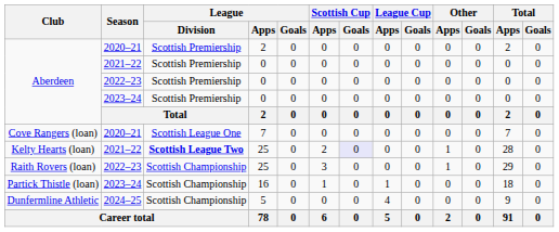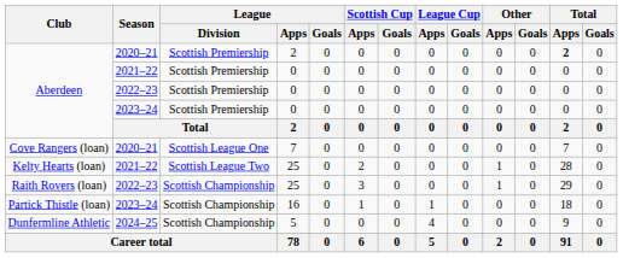 <table class="wikitable" style="text-align:center">
 <tr>
 <th rowspan="2">Club</th>
 <th rowspan="2">Season</th>
 <th colspan="3">League</th>
 <th colspan="2"><a href='#'>Scottish Cup</a></th>
 <th colspan="2"><a href='#'>League Cup</a></th>
 <th colspan="2">Other</th>
 <th colspan="2">Total</th>
 </tr>
 <tr>
 <th>Division</th>
 <th>Apps</th>
 <th>Goals</th>
 <th>Apps</th>
 <th>Goals</th>
 <th>Apps</th>
 <th>Goals</th>
 <th>Apps</th>
 <th>Goals</th>
 <th>Apps</th>
 <th>Goals</th>
 </tr>
 <tr>
 <td rowspan="5"><a href='#'>Aberdeen</a></td>
 <td><a href='#'>2020–21</a></td>
 <td><a href='#'>Scottish Premiership</a></td>
 <td>2</td>
 <td>0</td>
 <td>0</td>
 <td>0</td>
 <td>0</td>
 <td>0</td>
 <td>0</td>
 <td>0</td>
-<td>2</td>
+<td><strong>2</strong></td>
 <td>0</td>
 </tr>
 <tr>
 <td><a href='#'>2021–22</a></td>
 <td>Scottish Premiership</td>
 <td>0</td>
 <td>0</td>
 <td>0</td>
 <td>0</td>
 <td>0</td>
 <td>0</td>
 <td>0</td>
 <td>0</td>
 <td>0</td>
 <td>0</td>
 </tr>
 <tr>
 <td><a href='#'>2022–23</a></td>
 <td>Scottish Premiership</td>
 <td>0</td>
 <td>0</td>
 <td>0</td>
 <td>0</td>
 <td>0</td>
 <td>0</td>
 <td>0</td>
 <td>0</td>
 <td>0</td>
 <td>0</td>
 </tr>
 <tr>
 <td><a href='#'>2023–24</a></td>
 <td>Scottish Premiership</td>
 <td>0</td>
 <td>0</td>
 <td>0</td>
 <td>0</td>
 <td>0</td>
 <td>0</td>
 <td>0</td>
 <td>0</td>
 <td>0</td>
 <td>0</td>
 </tr>
 <tr>
 <th colspan="2">Total</th>
 <th>2</th>
 <th>0</th>
 <th>0</th>
 <th>0</th>
 <th>0</th>
 <th>0</th>
 <th>0</th>
 <th>0</th>
 <th>2</th>
 <th>0</th>
 </tr>
 <tr>
 <td><a href='#'>Cove Rangers</a> (loan)</td>
 <td><a href='#'>2020–21</a></td>
 <td><a href='#'>Scottish League One</a></td>
 <td>7</td>
 <td>0</td>
 <td>0</td>
 <td>0</td>
 <td>0</td>
 <td>0</td>
 <td>0</td>
 <td>0</td>
 <td>7</td>
 <td>0</td>
 </tr>
 <tr>
 <td><a href='#'>Kelty Hearts</a> (loan)</td>
 <td><a href='#'>2021–22</a></td>
-<td><strong><a href='#'>Scottish League Two</a></strong></td>
+<td><a href='#'>Scottish League Two</a></td>
 <td>25</td>
 <td>0</td>
 <td>2</td>
-<td style="background: lavender;">0</td>
+<td>0</td>
 <td>0</td>
 <td>0</td>
 <td>1</td>
 <td>0</td>
 <td>28</td>
 <td>0</td>
 </tr>
 <tr>
 <td><a href='#'>Raith Rovers</a> (loan)</td>
 <td><a href='#'>2022–23</a></td>
 <td><a href='#'>Scottish Championship</a></td>
 <td>25</td>
 <td>0</td>
 <td>3</td>
 <td>0</td>
 <td>0</td>
 <td>0</td>
 <td>1</td>
 <td>0</td>
 <td>29</td>
 <td>0</td>
 </tr>
 <tr>
 <td><a href='#'>Partick Thistle</a> (loan)</td>
 <td><a href='#'>2023–24</a></td>
 <td>Scottish Championship</td>
 <td>16</td>
 <td>0</td>
 <td>1</td>
 <td>0</td>
 <td>1</td>
 <td>0</td>
 <td>0</td>
 <td>0</td>
 <td>18</td>
 <td>0</td>
 </tr>
 <tr>
 <td><a href='#'>Dunfermline Athletic</a></td>
 <td><a href='#'>2024–25</a></td>
 <td>Scottish Championship</td>
 <td>5</td>
 <td>0</td>
 <td>0</td>
 <td>0</td>
 <td>4</td>
 <td>0</td>
 <td>0</td>
 <td>0</td>
 <td>9</td>
 <td>0</td>
 </tr>
 <tr>
 <th colspan="3">Career total</th>
 <th>78</th>
 <th>0</th>
 <th>6</th>
 <th>0</th>
 <th>5</th>
 <th>0</th>
 <th>2</th>
 <th>0</th>
 <th>91</th>
 <th>0</th>
 </tr>
 </table>
